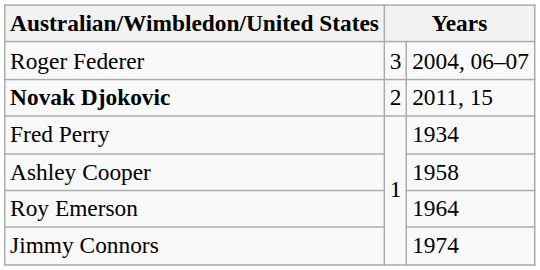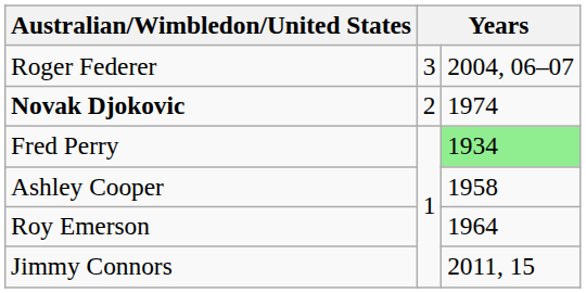 <table class=wikitable style="display:inline-table;">
 <tr>
 <th>Australian/Wimbledon/United States</th>
 <th colspan=2>Years</th>
 </tr>
 <tr>
 <td> Roger Federer</td>
 <td>3</td>
 <td>2004, 06–07</td>
 </tr>
 <tr>
 <td> <strong>Novak Djokovic</strong></td>
 <td>2</td>
-<td>2011, 15</td>
+<td>1974</td>
 </tr>
 <tr>
 <td> Fred Perry</td>
 <td rowspan=4>1</td>
-<td>1934</td>
+<td style="background: lightgreen;">1934</td>
 </tr>
 <tr>
 <td> Ashley Cooper</td>
 <td>1958</td>
 </tr>
 <tr>
 <td> Roy Emerson</td>
 <td>1964</td>
 </tr>
 <tr>
 <td> Jimmy Connors</td>
-<td>1974</td>
+<td>2011, 15</td>
 </tr>
 </table>
